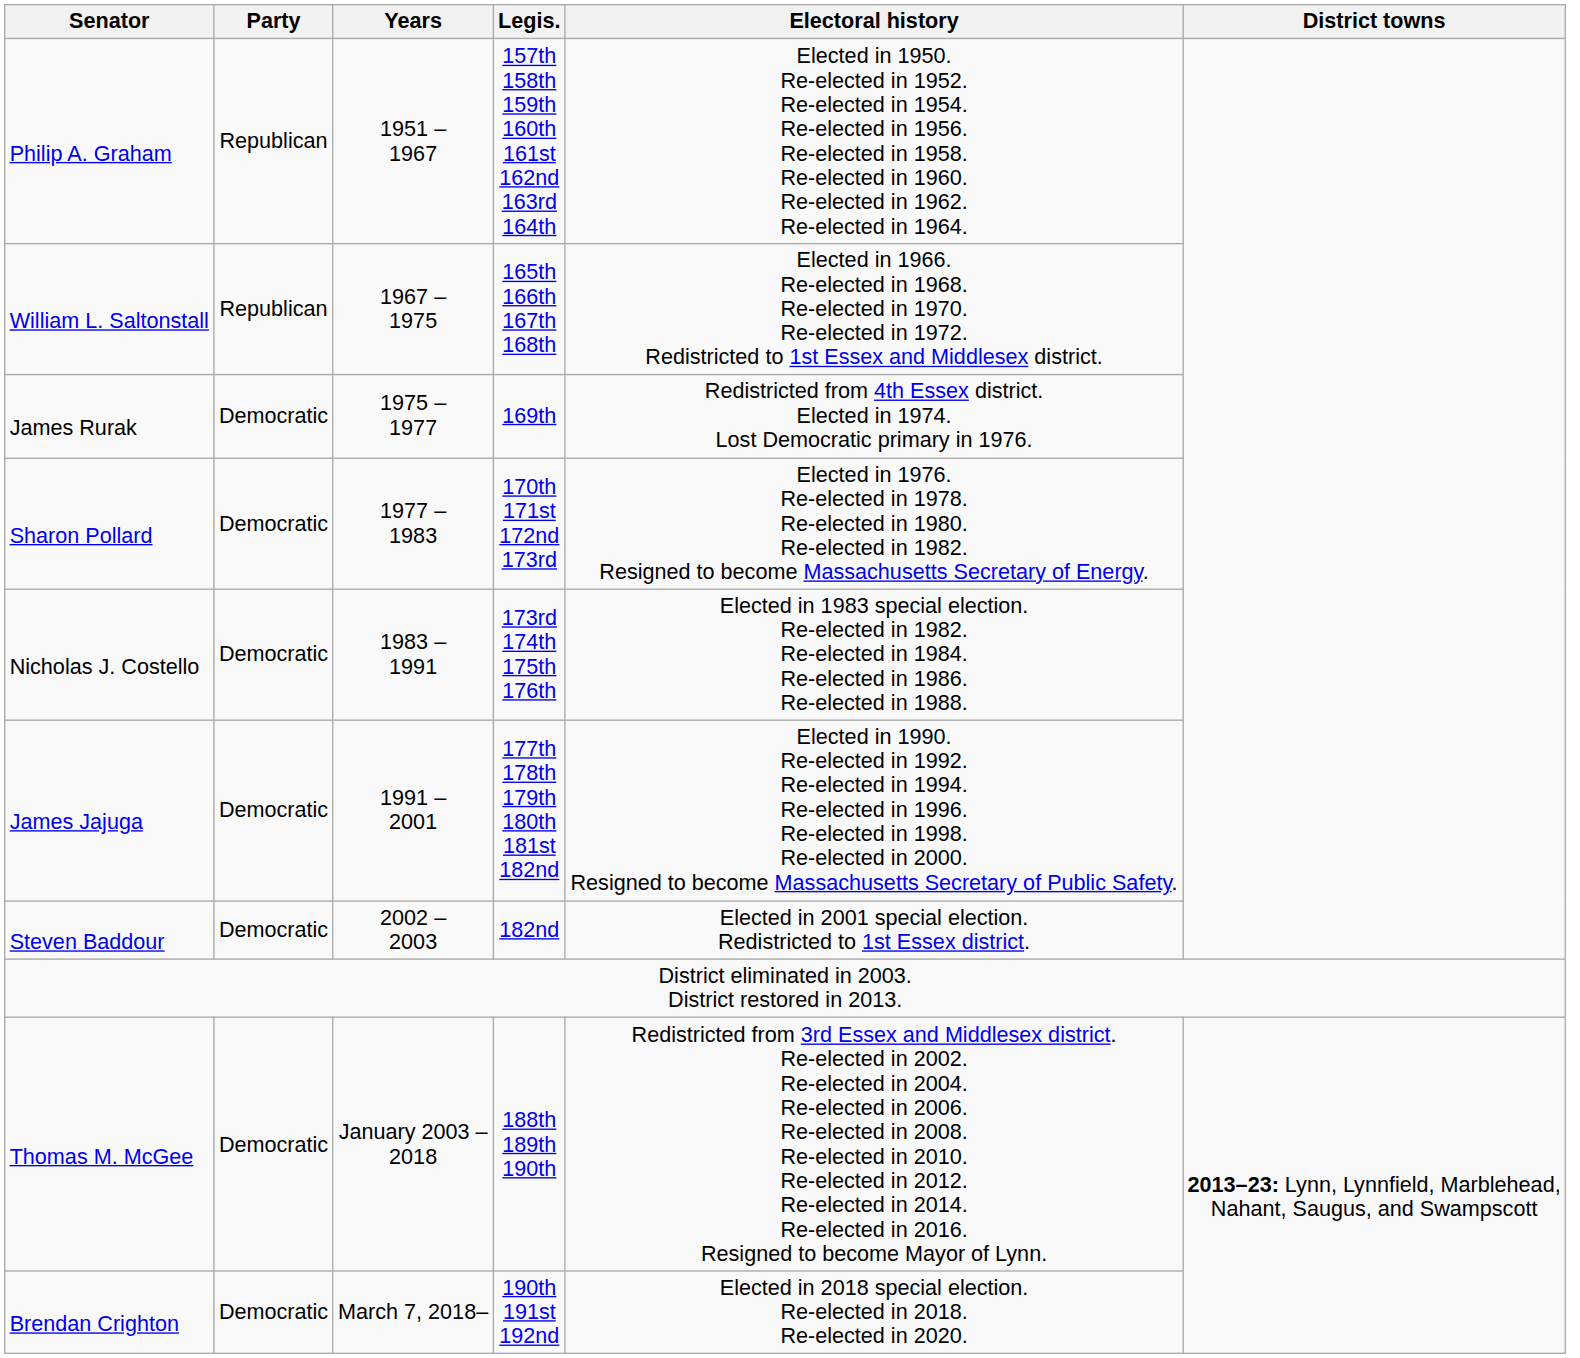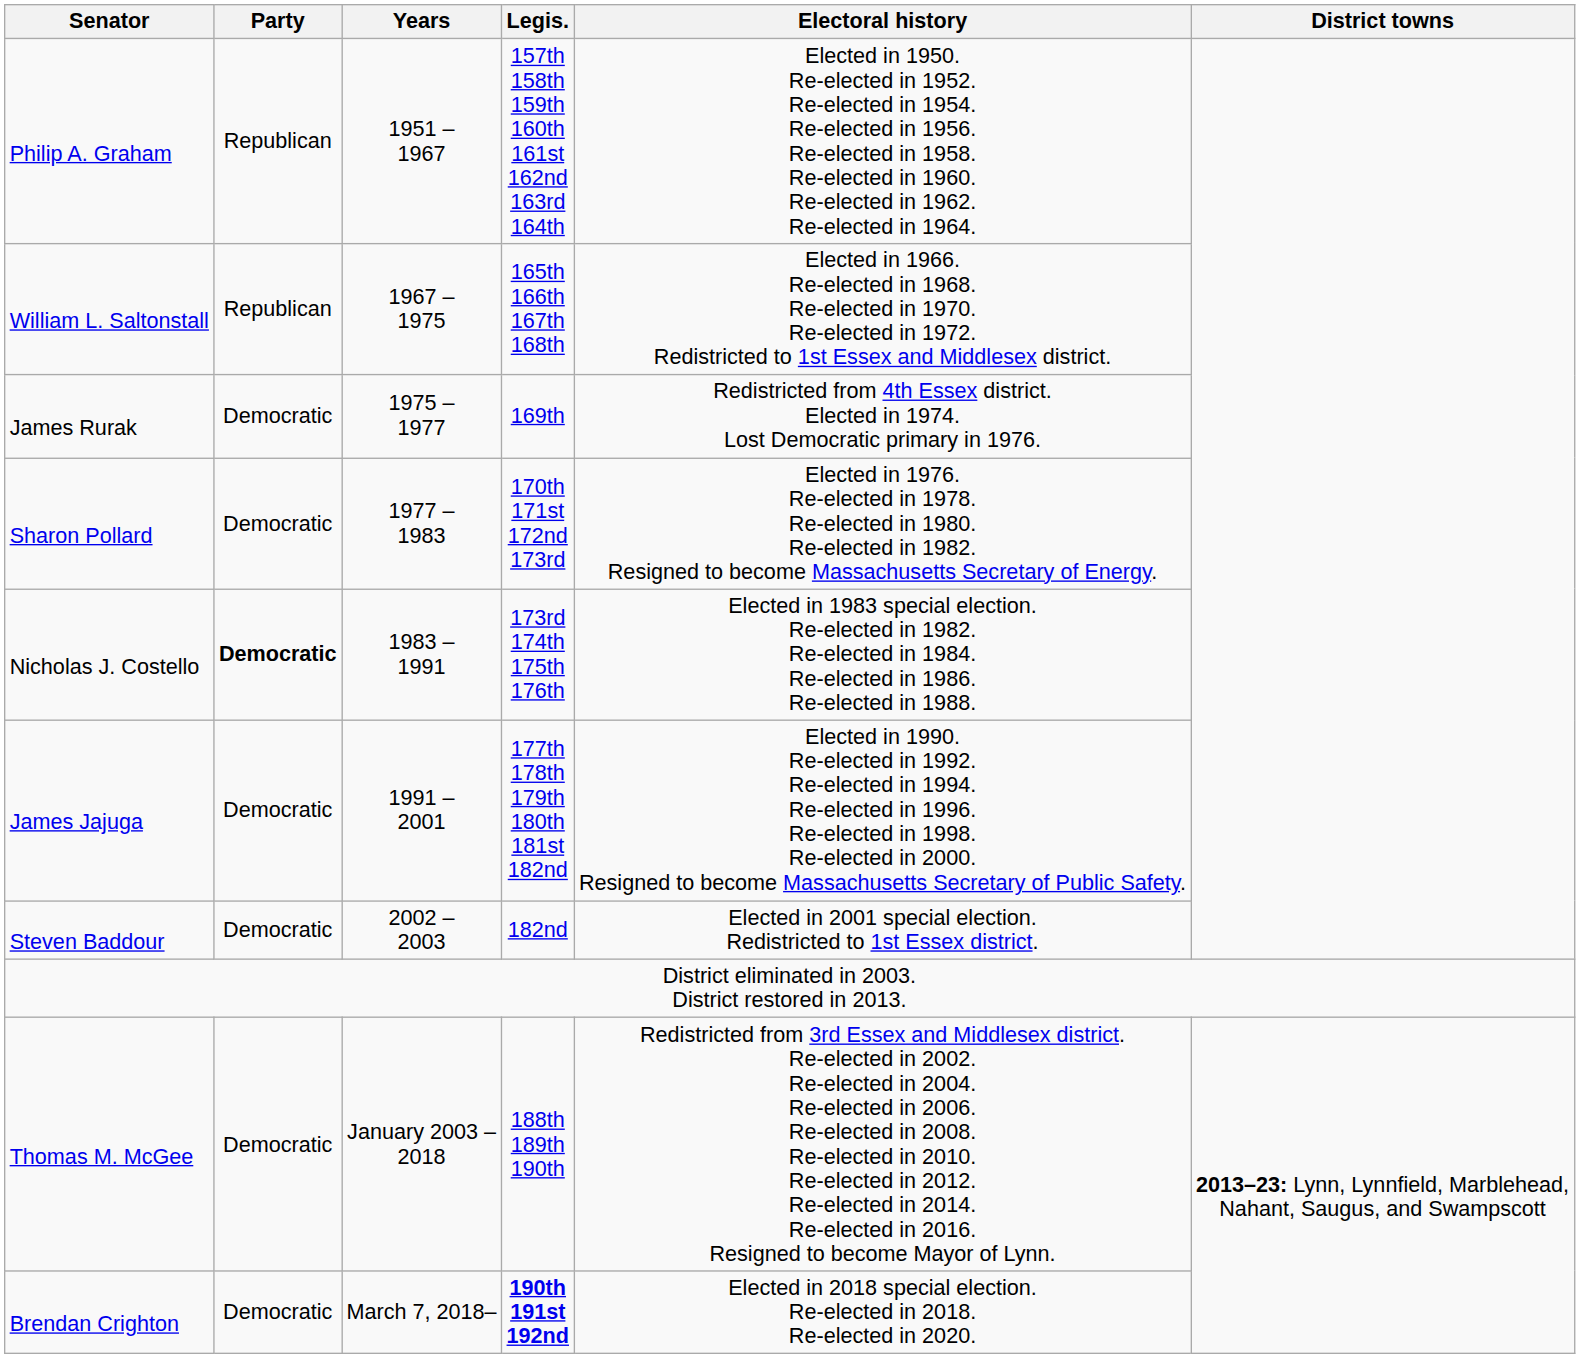 <table class=wikitable style="text-align:center">
 <tr>
 <th>Senator</th>
 <th>Party</th>
 <th>Years</th>
 <th>Legis.</th>
 <th>Electoral history</th>
 <th>District towns</th>
 </tr>
 <tr>
 <td align=left nowrap><br><a href='#'>Philip A. Graham</a></td>
 <td>Republican</td>
 <td>1951 –<br>1967</td>
 <td><a href='#'>157th</a><br><a href='#'>158th</a><br><a href='#'>159th</a><br><a href='#'>160th</a><br><a href='#'>161st</a><br><a href='#'>162nd</a><br><a href='#'>163rd</a><br><a href='#'>164th</a></td>
 <td>Elected in 1950.<br>Re-elected in 1952.<br>Re-elected in 1954.<br>Re-elected in 1956.<br>Re-elected in 1958.<br>Re-elected in 1960.<br>Re-elected in 1962.<br>Re-elected in 1964.</td>
 </tr>
 <tr>
 <td align=left nowrap><br><a href='#'>William L. Saltonstall</a></td>
 <td>Republican</td>
 <td>1967 –<br>1975</td>
 <td><a href='#'>165th</a><br><a href='#'>166th</a><br><a href='#'>167th</a><br><a href='#'>168th</a></td>
 <td>Elected in 1966.<br>Re-elected in 1968.<br>Re-elected in 1970.<br>Re-elected in 1972.<br>Redistricted to <a href='#'>1st Essex and Middlesex</a> district.</td>
 </tr>
 <tr>
 <td align=left nowrap><br>James Rurak</td>
 <td>Democratic</td>
 <td>1975 –<br>1977</td>
 <td><a href='#'>169th</a></td>
 <td>Redistricted from <a href='#'>4th Essex</a> district.<br>Elected in 1974.<br>Lost Democratic primary in 1976.</td>
 </tr>
 <tr>
 <td align=left nowrap><br><a href='#'>Sharon Pollard</a></td>
 <td>Democratic</td>
 <td>1977 –<br>1983</td>
 <td><a href='#'>170th</a><br><a href='#'>171st</a><br><a href='#'>172nd</a><br><a href='#'>173rd</a></td>
 <td>Elected in 1976.<br>Re-elected in 1978.<br>Re-elected in 1980.<br>Re-elected in 1982.<br>Resigned to become <a href='#'>Massachusetts Secretary of Energy</a>.</td>
 </tr>
 <tr>
 <td align=left nowrap><br>Nicholas J. Costello</td>
-<td>Democratic</td>
+<td><strong>Democratic</strong></td>
 <td>1983 –<br>1991</td>
 <td><a href='#'>173rd</a><br><a href='#'>174th</a><br><a href='#'>175th</a><br><a href='#'>176th</a><br></td>
 <td>Elected in 1983 special election.<br>Re-elected in 1982.<br>Re-elected in 1984.<br>Re-elected in 1986.<br>Re-elected in 1988.</td>
 </tr>
 <tr>
 <td align=left nowrap><br><a href='#'>James Jajuga</a></td>
 <td>Democratic</td>
 <td>1991 –<br>2001</td>
 <td><a href='#'>177th</a><br><a href='#'>178th</a><br><a href='#'>179th</a><br><a href='#'>180th</a><br><a href='#'>181st</a><br><a href='#'>182nd</a></td>
 <td>Elected in 1990.<br>Re-elected in 1992.<br>Re-elected in 1994.<br>Re-elected in 1996.<br>Re-elected in 1998.<br>Re-elected in 2000.<br>Resigned to become <a href='#'>Massachusetts Secretary of Public Safety</a>.</td>
 </tr>
 <tr>
 <td align=left nowrap><br><a href='#'>Steven Baddour</a></td>
 <td>Democratic</td>
 <td>2002 –<br>2003</td>
 <td><a href='#'>182nd</a></td>
 <td>Elected in 2001 special election.<br>Redistricted to <a href='#'>1st Essex district</a>.</td>
 </tr>
 <tr>
 <td colspan=6>District eliminated in 2003.<br>District restored in 2013.</td>
 </tr>
 <tr>
 <td align=left nowrap><br><a href='#'>Thomas M. McGee</a></td>
 <td>Democratic</td>
 <td>January 2003 –<br>2018</td>
 <td><a href='#'>188th</a><br><a href='#'>189th</a><br><a href='#'>190th</a></td>
 <td>Redistricted from <a href='#'>3rd Essex and Middlesex district</a>.<br>Re-elected in 2002.<br>Re-elected in 2004.<br>Re-elected in 2006.<br>Re-elected in 2008.<br>Re-elected in 2010.<br>Re-elected in 2012.<br>Re-elected in 2014.<br>Re-elected in 2016.<br>Resigned to become Mayor of Lynn.</td>
 <td rowspan=2><br><strong>2013–23:</strong> Lynn, Lynnfield, Marblehead,<br>Nahant, Saugus, and Swampscott</td>
 </tr>
 <tr>
 <td align=left nowrap><br><a href='#'>Brendan Crighton</a></td>
 <td>Democratic</td>
 <td>March 7, 2018–<br></td>
-<td><a href='#'>190th</a><br><a href='#'>191st</a><br><a href='#'>192nd</a></td>
+<td><strong><a href='#'>190th</a><br><a href='#'>191st</a><br><a href='#'>192nd</a></strong></td>
 <td>Elected in 2018 special election.<br>Re-elected in 2018.<br>Re-elected in 2020.</td>
 </tr>
 </table>
